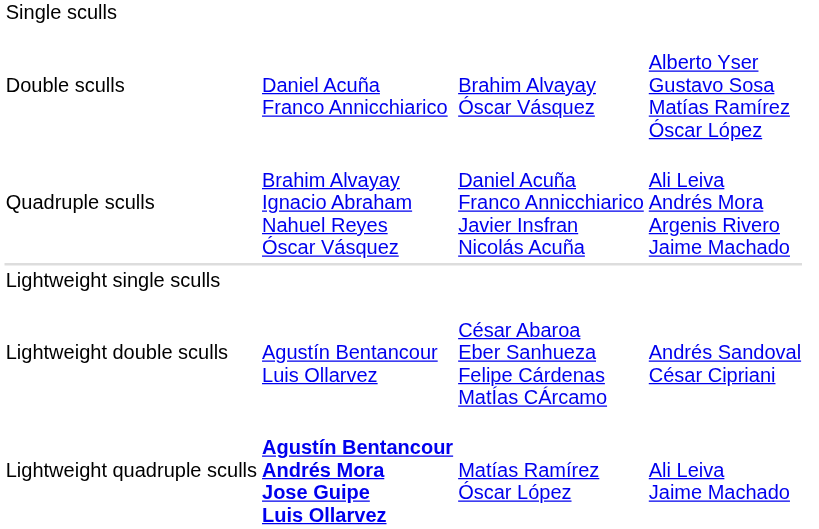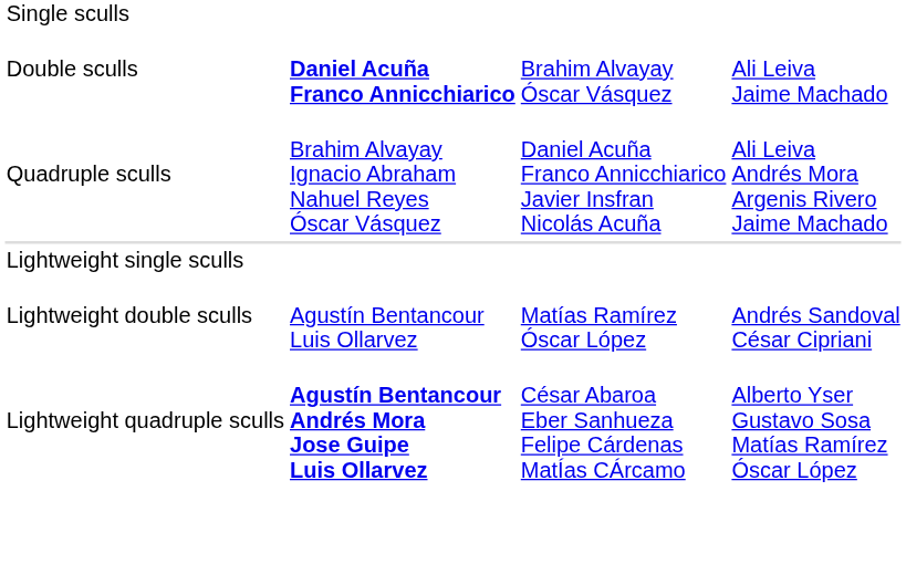 <table>
 <tr>
 <td>Single sculls</td>
 <td></td>
 <td></td>
 <td></td>
 </tr>
 <tr>
 <td>Double sculls</td>
-<td><br><a href='#'>Daniel Acuña</a><br><a href='#'>Franco Annicchiarico</a></td>
+<td><strong><br><a href='#'>Daniel Acuña</a><br><a href='#'>Franco Annicchiarico</a></strong></td>
 <td><br><a href='#'>Brahim Alvayay</a><br><a href='#'>Óscar Vásquez</a></td>
-<td><br><a href='#'>Alberto Yser</a><br><a href='#'>Gustavo Sosa</a><br><a href='#'>Matías Ramírez</a><br><a href='#'>Óscar López</a></td>
+<td><br><a href='#'>Ali Leiva</a><br><a href='#'>Jaime Machado</a></td>
 </tr>
 <tr>
 <td>Quadruple sculls</td>
 <td><br><a href='#'>Brahim Alvayay</a><br><a href='#'>Ignacio Abraham</a><br><a href='#'>Nahuel Reyes</a><br><a href='#'>Óscar Vásquez</a></td>
 <td><br><a href='#'>Daniel Acuña</a><br><a href='#'>Franco Annicchiarico</a><br><a href='#'>Javier Insfran</a><br><a href='#'>Nicolás Acuña</a></td>
 <td><br><a href='#'>Ali Leiva</a><br><a href='#'>Andrés Mora</a><br><a href='#'>Argenis Rivero</a><br><a href='#'>Jaime Machado</a></td>
 </tr>
 <tr bgcolor=#DDDDDD>
 <td colspan=7></td>
 </tr>
 <tr>
 <td>Lightweight single sculls</td>
 <td></td>
 <td></td>
 <td></td>
 </tr>
 <tr>
 <td>Lightweight double sculls</td>
 <td><br><a href='#'>Agustín Bentancour</a><br><a href='#'>Luis Ollarvez</a></td>
-<td><br><a href='#'>César Abaroa</a><br><a href='#'>Eber Sanhueza</a><br><a href='#'>Felipe Cárdenas</a><br><a href='#'>MatÍas CÁrcamo</a></td>
+<td><br><a href='#'>Matías Ramírez</a><br><a href='#'>Óscar López</a></td>
 <td><br><a href='#'>Andrés Sandoval</a><br><a href='#'>César Cipriani</a></td>
 </tr>
 <tr>
 <td>Lightweight quadruple sculls</td>
 <td><strong><br><a href='#'>Agustín Bentancour</a><br><a href='#'>Andrés Mora</a><br><a href='#'>Jose Guipe</a><br><a href='#'>Luis Ollarvez</a></strong></td>
-<td><br><a href='#'>Matías Ramírez</a><br><a href='#'>Óscar López</a></td>
-<td><br><a href='#'>Ali Leiva</a><br><a href='#'>Jaime Machado</a></td>
+<td><br><a href='#'>César Abaroa</a><br><a href='#'>Eber Sanhueza</a><br><a href='#'>Felipe Cárdenas</a><br><a href='#'>MatÍas CÁrcamo</a></td>
+<td><br><a href='#'>Alberto Yser</a><br><a href='#'>Gustavo Sosa</a><br><a href='#'>Matías Ramírez</a><br><a href='#'>Óscar López</a></td>
 </tr>
 </table>
